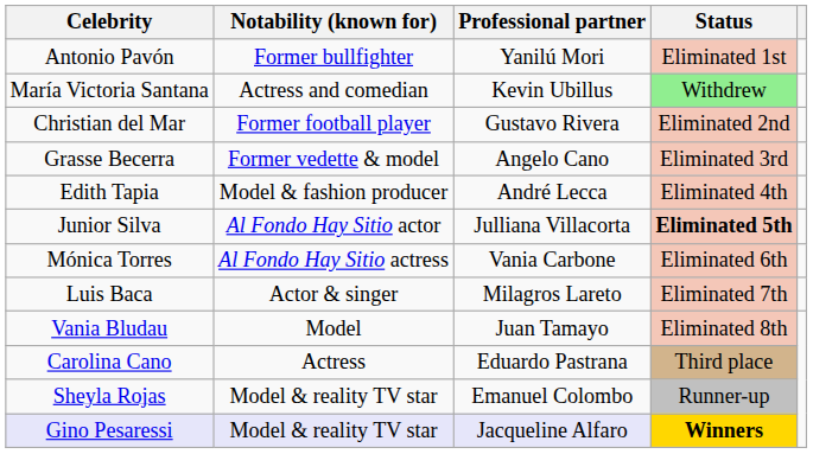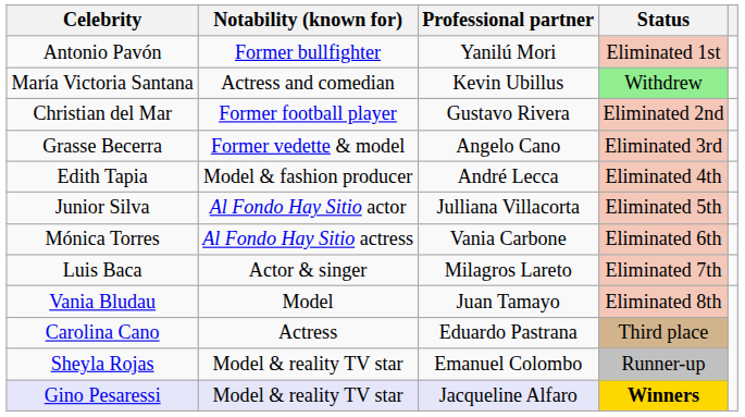 <table class= "wikitable sortable" style="text-align: center; margin:auto; align: center">
 <tr>
 <th>Celebrity</th>
 <th>Notability (known for)</th>
 <th>Professional partner</th>
 <th>Status</th>
 <th class="unsortable"></th>
 </tr>
 <tr>
 <td>Antonio Pavón</td>
 <td><a href='#'>Former bullfighter</a></td>
 <td>Yanilú Mori</td>
 <td style="background:#f4c7b8">Eliminated 1st<br></td>
 <td></td>
 </tr>
 <tr>
 <td>María Victoria Santana</td>
 <td>Actress and comedian</td>
 <td>Kevin Ubillus<br></td>
 <td style="background:lightgreen;">Withdrew<br></td>
 <td></td>
 </tr>
 <tr>
 <td>Christian del Mar</td>
 <td><a href='#'>Former football player</a></td>
 <td>Gustavo Rivera</td>
 <td style="background:#f4c7b8">Eliminated 2nd<br></td>
 <td></td>
 </tr>
 <tr>
 <td>Grasse Becerra</td>
 <td><a href='#'>Former vedette</a> & model</td>
 <td>Angelo Cano</td>
 <td style="background:#f4c7b8">Eliminated 3rd<br></td>
 <td></td>
 </tr>
 <tr>
 <td>Edith Tapia</td>
 <td>Model & fashion producer</td>
 <td>André Lecca</td>
 <td style="background:#f4c7b8">Eliminated 4th<br></td>
 <td></td>
 </tr>
 <tr>
 <td>Junior Silva</td>
 <td><em><a href='#'>Al Fondo Hay Sitio</a></em> actor</td>
 <td>Julliana Villacorta</td>
-<td style="background:#f4c7b8"><strong>Eliminated 5th<br></strong></td>
+<td style="background:#f4c7b8">Eliminated 5th<br></td>
 <td></td>
 </tr>
 <tr>
 <td>Mónica Torres</td>
 <td><em><a href='#'>Al Fondo Hay Sitio</a></em> actress</td>
 <td>Vania Carbone</td>
 <td style="background:#f4c7b8">Eliminated 6th<br></td>
 <td></td>
 </tr>
 <tr>
 <td>Luis Baca</td>
 <td>Actor & singer</td>
 <td>Milagros Lareto</td>
 <td style="background:#f4c7b8">Eliminated 7th<br></td>
 <td></td>
 </tr>
 <tr>
 <td><a href='#'>Vania Bludau</a></td>
 <td>Model</td>
 <td>Juan Tamayo</td>
 <td style="background:#f4c7b8">Eliminated 8th<br></td>
 <td rowspan=4></td>
 </tr>
 <tr>
 <td><a href='#'>Carolina Cano</a></td>
 <td>Actress</td>
 <td>Eduardo Pastrana</td>
 <td style="background:tan">Third place<br></td>
 </tr>
 <tr>
 <td><a href='#'>Sheyla Rojas</a></td>
 <td>Model & reality TV star</td>
 <td>Emanuel Colombo<br></td>
 <td style="background:silver">Runner-up<br></td>
 </tr>
 <tr>
 <td bgcolor=lavender><a href='#'>Gino Pesaressi</a></td>
 <td bgcolor=lavender>Model & reality TV star</td>
 <td bgcolor=lavender>Jacqueline Alfaro</td>
 <td style="background:gold"><strong>Winners</strong><br></td>
 </tr>
 </table>
